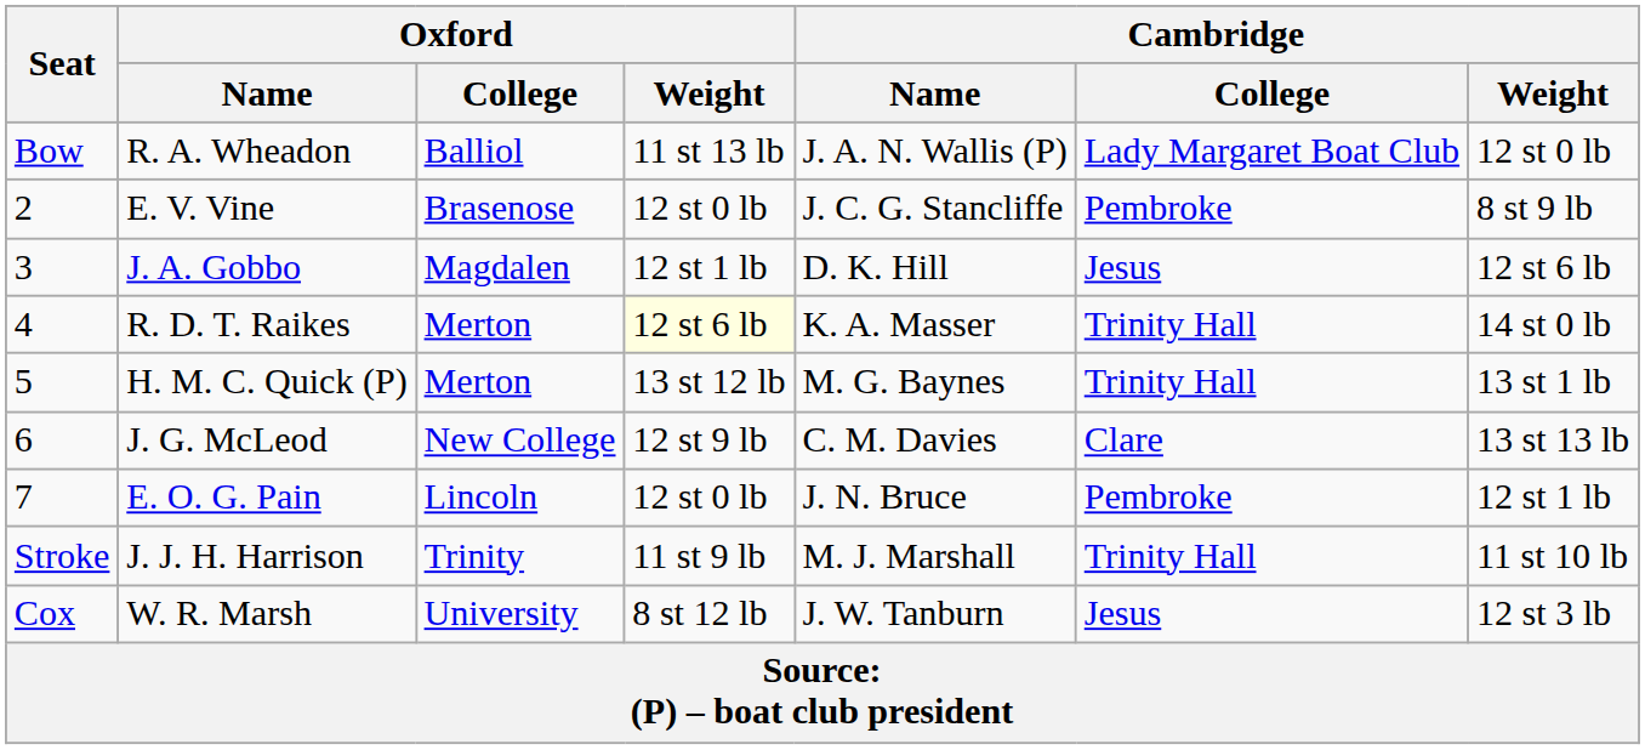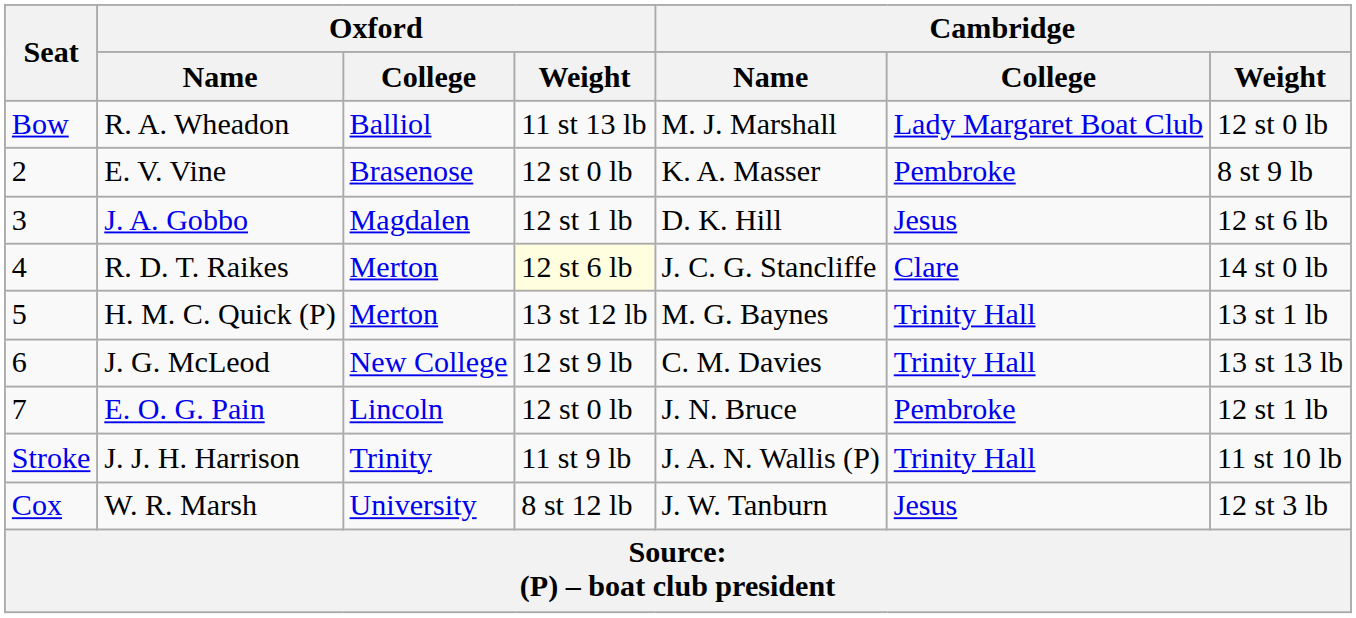 <table class="wikitable">
 <tr>
 <th rowspan="2" scope="col">Seat</th>
 <th colspan="3" scope="col">Oxford <br> </th>
 <th colspan="3" scope="col">Cambridge <br> </th>
 </tr>
 <tr>
 <th>Name</th>
 <th>College</th>
 <th>Weight</th>
 <th>Name</th>
 <th>College</th>
 <th>Weight</th>
 </tr>
 <tr>
 <td><a href='#'>Bow</a></td>
 <td>R. A. Wheadon</td>
 <td><a href='#'>Balliol</a></td>
 <td>11 st 13 lb</td>
-<td>J. A. N. Wallis (P)</td>
+<td>M. J. Marshall</td>
 <td><a href='#'>Lady Margaret Boat Club</a></td>
 <td>12 st 0 lb</td>
 </tr>
 <tr>
 <td>2</td>
 <td>E. V. Vine</td>
 <td><a href='#'>Brasenose</a></td>
 <td>12 st 0 lb</td>
-<td>J. C. G. Stancliffe</td>
+<td>K. A. Masser</td>
 <td><a href='#'>Pembroke</a></td>
 <td>8 st 9 lb</td>
 </tr>
 <tr>
 <td>3</td>
 <td><a href='#'>J. A. Gobbo</a></td>
 <td><a href='#'>Magdalen</a></td>
 <td>12 st 1 lb</td>
 <td>D. K. Hill</td>
 <td><a href='#'>Jesus</a></td>
 <td>12 st 6 lb</td>
 </tr>
 <tr>
 <td>4</td>
 <td>R. D. T. Raikes</td>
 <td><a href='#'>Merton</a></td>
 <td style="background: lightyellow;">12 st 6 lb</td>
-<td>K. A. Masser</td>
-<td><a href='#'>Trinity Hall</a></td>
+<td>J. C. G. Stancliffe</td>
+<td><a href='#'>Clare</a></td>
 <td>14 st 0 lb</td>
 </tr>
 <tr>
 <td>5</td>
 <td>H. M. C. Quick (P)</td>
 <td><a href='#'>Merton</a></td>
 <td>13 st 12 lb</td>
 <td>M. G. Baynes</td>
 <td><a href='#'>Trinity Hall</a></td>
 <td>13 st 1 lb</td>
 </tr>
 <tr>
 <td>6</td>
 <td>J. G. McLeod</td>
 <td><a href='#'>New College</a></td>
 <td>12 st 9 lb</td>
 <td>C. M. Davies</td>
-<td><a href='#'>Clare</a></td>
+<td><a href='#'>Trinity Hall</a></td>
 <td>13 st 13 lb</td>
 </tr>
 <tr>
 <td>7</td>
 <td><a href='#'>E. O. G. Pain</a></td>
 <td><a href='#'>Lincoln</a></td>
 <td>12 st 0 lb</td>
 <td>J. N. Bruce</td>
 <td><a href='#'>Pembroke</a></td>
 <td>12 st 1 lb</td>
 </tr>
 <tr>
 <td><a href='#'>Stroke</a></td>
 <td>J. J. H. Harrison</td>
 <td><a href='#'>Trinity</a></td>
 <td>11 st 9 lb</td>
-<td>M. J. Marshall</td>
+<td>J. A. N. Wallis (P)</td>
 <td><a href='#'>Trinity Hall</a></td>
 <td>11 st 10 lb</td>
 </tr>
 <tr>
 <td><a href='#'>Cox</a></td>
 <td>W. R. Marsh</td>
 <td><a href='#'>University</a></td>
 <td>8 st 12 lb</td>
 <td>J. W. Tanburn</td>
 <td><a href='#'>Jesus</a></td>
 <td>12 st 3 lb</td>
 </tr>
 <tr>
 <th colspan="7">Source:<br>(P) – boat club president</th>
 </tr>
 </table>
